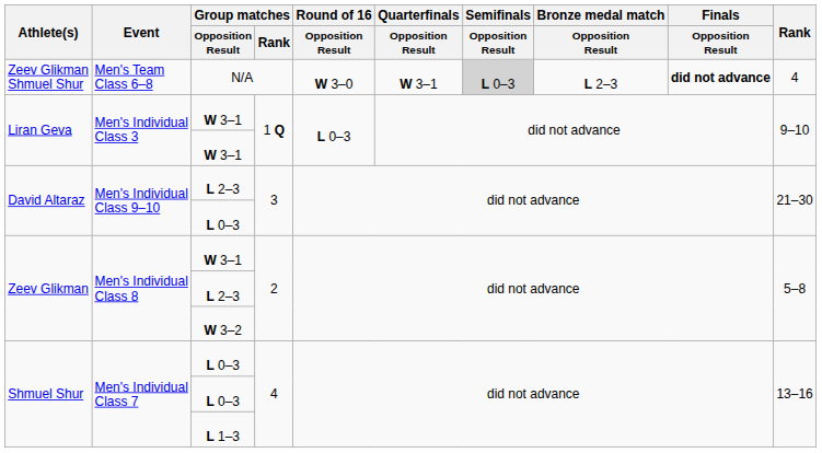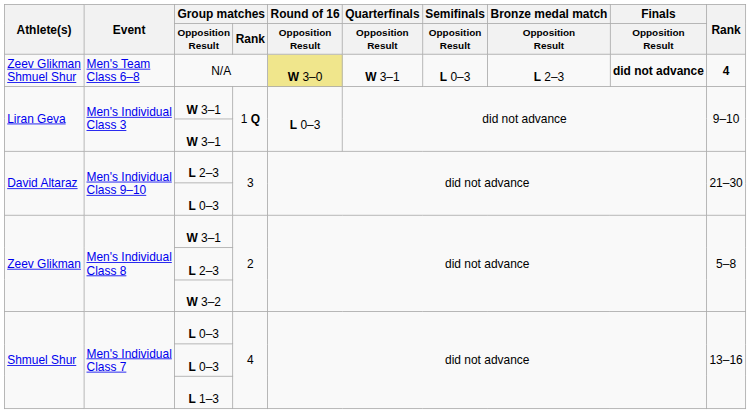 <table class=wikitable style="font-size:90%">
 <tr>
 <th rowspan="2">Athlete(s)</th>
 <th rowspan="2">Event</th>
 <th colspan="2">Group matches</th>
 <th>Round of 16</th>
 <th>Quarterfinals</th>
 <th>Semifinals</th>
 <th>Bronze medal match</th>
 <th>Finals</th>
 <th rowspan="2">Rank</th>
 </tr>
 <tr>
 <th style="line-height:1em"><small>Opposition<br>Result</small></th>
 <th>Rank</th>
 <th style="line-height:1em"><small>Opposition<br>Result</small></th>
 <th style="line-height:1em"><small>Opposition<br>Result</small></th>
 <th style="line-height:1em"><small>Opposition<br>Result</small></th>
 <th style="line-height:1em"><small>Opposition<br>Result</small></th>
 <th style="line-height:1em"><small>Opposition<br>Result</small></th>
 </tr>
 <tr>
 <td><a href='#'>Zeev Glikman</a><br><a href='#'>Shmuel Shur</a></td>
 <td><a href='#'>Men's Team <br>Class 6–8</a></td>
 <td align="center" colspan="2">N/A</td>
-<td align="center" nowrap><br><strong>W</strong> 3–0</td>
+<td align="center" nowrap style="background: khaki;"><br><strong>W</strong> 3–0</td>
 <td align="center"><br><strong>W</strong> 3–1</td>
-<td align="center" style="background: lightgrey;"><br><strong>L</strong> 0–3</td>
+<td align="center"><br><strong>L</strong> 0–3</td>
 <td align="center"><br><strong>L</strong> 2–3</td>
 <td align="center"><strong>did not advance</strong></td>
-<td align="center">4</td>
+<td align="center"><strong>4</strong></td>
 </tr>
 <tr>
 <td rowspan="2"><a href='#'>Liran Geva</a></td>
 <td rowspan="2"><a href='#'>Men's Individual <br>Class 3</a></td>
 <td align="center"><br> <strong>W</strong> 3–1</td>
 <td align="center" rowspan="2">1 <strong>Q</strong></td>
 <td align="center" rowspan="2"><br> <strong>L</strong> 0–3</td>
 <td align="center" colspan="4" rowspan="2">did not advance</td>
 <td align="center" rowspan="2" nowrap>9–10</td>
 </tr>
 <tr>
 <td align="center"><br> <strong>W</strong> 3–1</td>
 </tr>
 <tr>
 <td rowspan="2" nowrap><a href='#'>David Altaraz</a></td>
 <td rowspan="2" nowrap><a href='#'>Men's Individual <br>Class 9–10</a></td>
 <td align="center"><br> <strong>L</strong> 2–3</td>
 <td align="center" rowspan="2">3</td>
 <td align="center" colspan="5" rowspan="2">did not advance</td>
 <td align="center" rowspan="2" nowrap>21–30</td>
 </tr>
 <tr>
 <td align="center"><br> <strong>L</strong> 0–3</td>
 </tr>
 <tr>
 <td rowspan="3"><a href='#'>Zeev Glikman</a></td>
 <td rowspan="3"><a href='#'>Men's Individual <br>Class 8</a></td>
 <td align="center"><br> <strong>W</strong> 3–1</td>
 <td align="center" rowspan="3">2</td>
 <td align="center" colspan="5" rowspan="3">did not advance</td>
 <td align="center" rowspan="3" nowrap>5–8</td>
 </tr>
 <tr>
 <td align="center"><br> <strong>L</strong> 2–3</td>
 </tr>
 <tr>
 <td align="center"><br> <strong>W</strong> 3–2</td>
 </tr>
 <tr>
 <td rowspan="3"><a href='#'>Shmuel Shur</a></td>
 <td rowspan="3"><a href='#'>Men's Individual <br>Class 7</a></td>
 <td align="center"><br> <strong>L</strong> 0–3</td>
 <td align="center" rowspan="3">4</td>
 <td align="center" colspan="5" rowspan="3">did not advance</td>
 <td align="center" rowspan="3" nowrap>13–16</td>
 </tr>
 <tr>
 <td align="center"><br> <strong>L</strong> 0–3</td>
 </tr>
 <tr>
 <td align="center"><br> <strong>L</strong> 1–3</td>
 </tr>
 </table>
